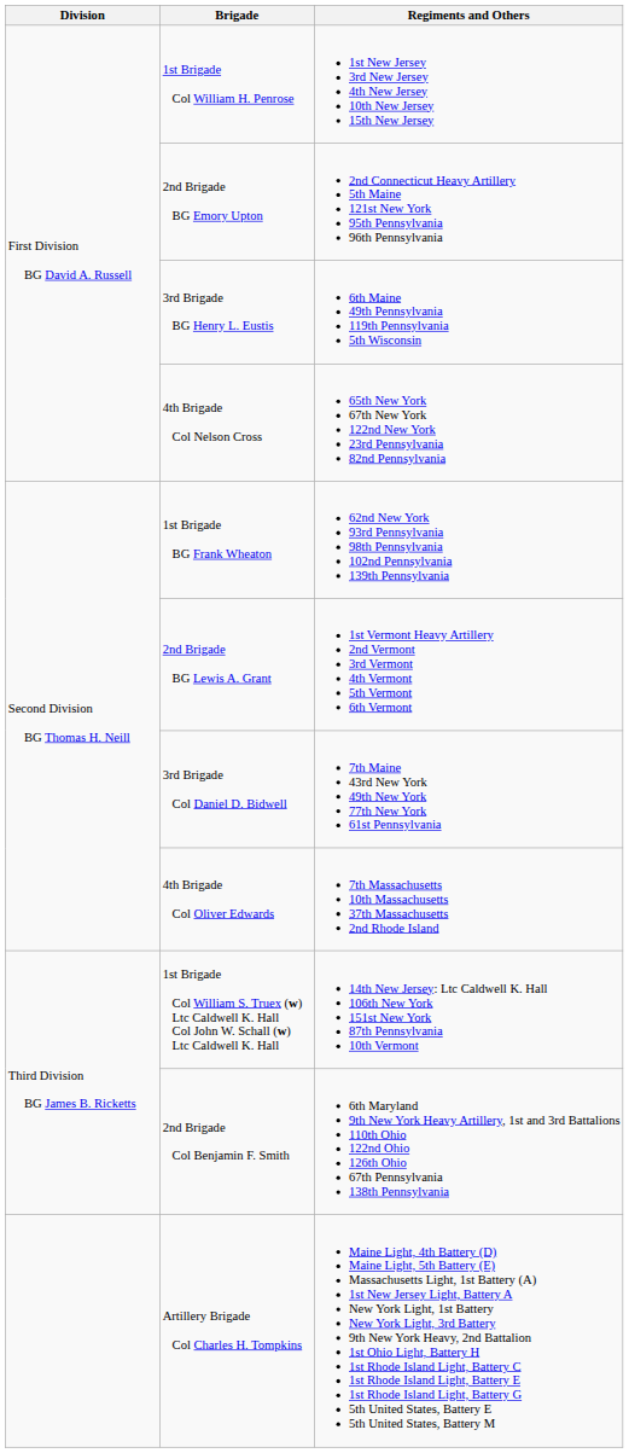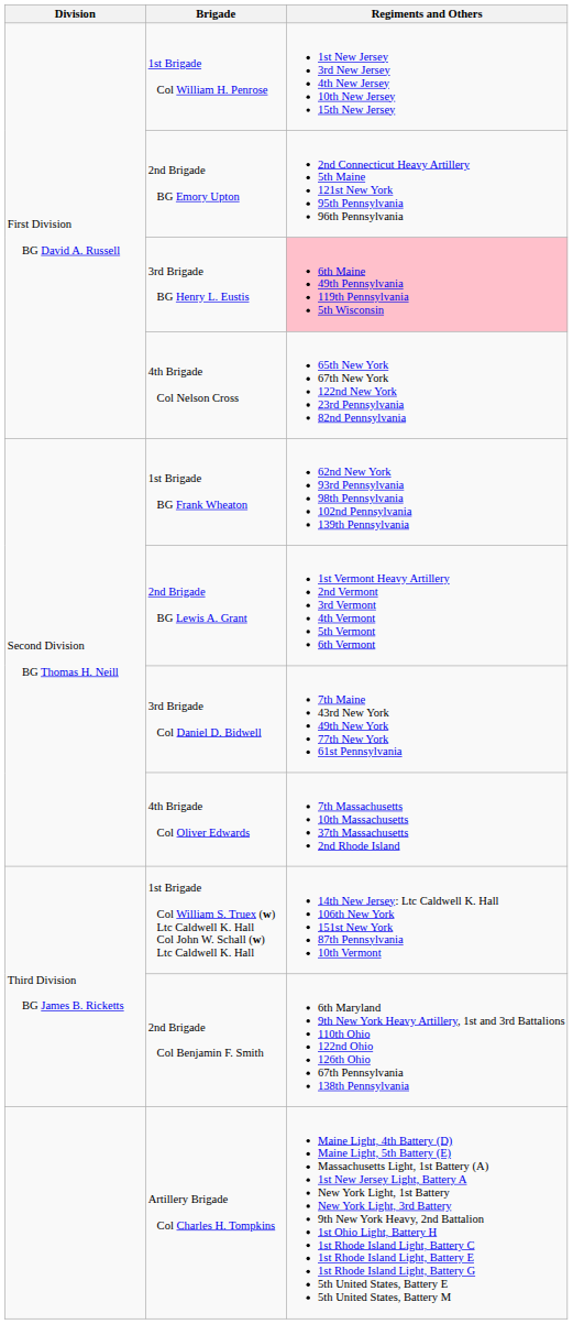 <table class="wikitable">
 <tr>
 <th width=25%>Division</th>
 <th width=25%>Brigade</th>
 <th>Regiments and Others</th>
 </tr>
 <tr>
 <td rowspan=4><br>First Division <br> <br>     BG <a href='#'>David A. Russell</a></td>
 <td><a href='#'>1st Brigade</a><br><br>   Col <a href='#'>William H. Penrose</a></td>
 <td><br><ul><li><a href='#'>1st New Jersey</a></li><li><a href='#'>3rd New Jersey</a></li><li><a href='#'>4th New Jersey</a></li><li><a href='#'>10th New Jersey</a></li><li><a href='#'>15th New Jersey</a></li></ul></td>
 </tr>
 <tr>
 <td>2nd Brigade<br><br>   BG <a href='#'>Emory Upton</a></td>
 <td><br><ul><li><a href='#'>2nd Connecticut Heavy Artillery</a></li><li><a href='#'>5th Maine</a></li><li><a href='#'>121st New York</a></li><li><a href='#'>95th Pennsylvania</a></li><li>96th Pennsylvania</li></ul></td>
 </tr>
 <tr>
 <td>3rd Brigade<br><br>   BG <a href='#'>Henry L. Eustis</a></td>
-<td><br><ul><li><a href='#'>6th Maine</a></li><li><a href='#'>49th Pennsylvania</a></li><li><a href='#'>119th Pennsylvania</a></li><li><a href='#'>5th Wisconsin</a></li></ul></td>
+<td style="background: pink;"><br><ul><li><a href='#'>6th Maine</a></li><li><a href='#'>49th Pennsylvania</a></li><li><a href='#'>119th Pennsylvania</a></li><li><a href='#'>5th Wisconsin</a></li></ul></td>
 </tr>
 <tr>
 <td>4th Brigade<br><br>   Col Nelson Cross</td>
 <td><br><ul><li><a href='#'>65th New York</a></li><li>67th New York</li><li><a href='#'>122nd New York</a></li><li><a href='#'>23rd Pennsylvania</a></li><li><a href='#'>82nd Pennsylvania</a></li></ul></td>
 </tr>
 <tr>
 <td rowspan=4><br>Second Division<br> <br>     BG <a href='#'>Thomas H. Neill</a></td>
 <td>1st Brigade<br><br>   BG <a href='#'>Frank Wheaton</a></td>
 <td><br><ul><li><a href='#'>62nd New York</a></li><li><a href='#'>93rd Pennsylvania</a></li><li><a href='#'>98th Pennsylvania</a></li><li><a href='#'>102nd Pennsylvania</a></li><li><a href='#'>139th Pennsylvania</a></li></ul></td>
 </tr>
 <tr>
 <td><a href='#'>2nd Brigade</a><br><br>   BG <a href='#'>Lewis A. Grant</a></td>
 <td><br><ul><li><a href='#'>1st Vermont Heavy Artillery</a></li><li><a href='#'>2nd Vermont</a></li><li><a href='#'>3rd Vermont</a></li><li><a href='#'>4th Vermont</a></li><li><a href='#'>5th Vermont</a></li><li><a href='#'>6th Vermont</a></li></ul></td>
 </tr>
 <tr>
 <td>3rd Brigade<br><br>   Col <a href='#'>Daniel D. Bidwell</a></td>
 <td><br><ul><li><a href='#'>7th Maine</a></li><li>43rd New York</li><li><a href='#'>49th New York</a></li><li><a href='#'>77th New York</a></li><li><a href='#'>61st Pennsylvania</a></li></ul></td>
 </tr>
 <tr>
 <td>4th Brigade<br><br>   Col <a href='#'>Oliver Edwards</a></td>
 <td><br><ul><li><a href='#'>7th Massachusetts</a></li><li><a href='#'>10th Massachusetts</a></li><li><a href='#'>37th Massachusetts</a></li><li><a href='#'>2nd Rhode Island</a></li></ul></td>
 </tr>
 <tr>
 <td rowspan=2><br>Third Division<br> <br>     BG <a href='#'>James B. Ricketts</a></td>
 <td>1st Brigade<br><br>   Col <a href='#'>William S. Truex</a> (<strong>w</strong>) <br>   Ltc Caldwell K. Hall <br>   Col John W. Schall (<strong>w</strong>) <br>   Ltc Caldwell K. Hall</td>
 <td><br><ul><li><a href='#'>14th New Jersey</a>: Ltc Caldwell K. Hall</li><li><a href='#'>106th New York</a></li><li><a href='#'>151st New York</a></li><li><a href='#'>87th Pennsylvania</a></li><li><a href='#'>10th Vermont</a></li></ul></td>
 </tr>
 <tr>
 <td>2nd Brigade<br><br>   Col Benjamin F. Smith</td>
 <td><br><ul><li>6th Maryland</li><li><a href='#'>9th New York Heavy Artillery</a>, 1st and 3rd Battalions</li><li><a href='#'>110th Ohio</a></li><li><a href='#'>122nd Ohio</a></li><li><a href='#'>126th Ohio</a></li><li>67th Pennsylvania</li><li><a href='#'>138th Pennsylvania</a></li></ul></td>
 </tr>
 <tr>
 <td></td>
 <td>Artillery Brigade<br><br>   Col <a href='#'>Charles H. Tompkins</a></td>
 <td><br><ul><li><a href='#'>Maine Light, 4th Battery (D)</a></li><li><a href='#'>Maine Light, 5th Battery (E)</a></li><li>Massachusetts Light, 1st Battery (A)</li><li><a href='#'>1st New Jersey Light, Battery A</a></li><li>New York Light, 1st Battery</li><li><a href='#'>New York Light, 3rd Battery</a></li><li>9th New York Heavy, 2nd Battalion</li><li><a href='#'>1st Ohio Light, Battery H</a></li><li><a href='#'>1st Rhode Island Light, Battery C</a></li><li><a href='#'>1st Rhode Island Light, Battery E</a></li><li><a href='#'>1st Rhode Island Light, Battery G</a></li><li>5th United States, Battery E</li><li>5th United States, Battery M</li></ul></td>
 </tr>
 </table>
